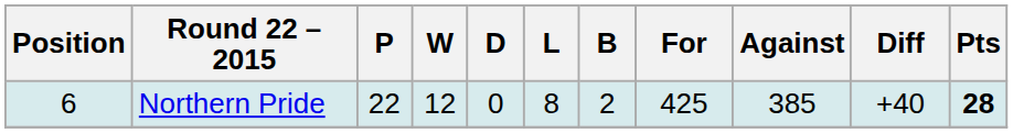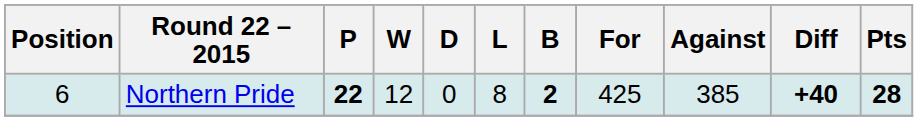 <table class="wikitable" style="text-align:center; font-size:85%;">
 <tr>
 <th width=40 abbr="Position">Position</th>
 <th width=100>Round 22 – 2015</th>
 <th width=20 abbr="Played">P</th>
 <th width=20 abbr="Won">W</th>
 <th width=20 abbr="Drawn">D</th>
 <th width=20 abbr="Lost">L</th>
 <th width=20 abbr="Bye">B</th>
 <th width=40 abbr="Points for">For</th>
 <th width=40 abbr="Points against">Against</th>
 <th width=40 abbr="Points difference">Diff</th>
 <th width=20 abbr="Points">Pts</th>
 </tr>
 <tr style="background: #d7ebed;">
 <td>6</td>
 <td style="text-align:left;"> <a href='#'>Northern Pride</a></td>
-<td>22</td>
+<td><strong>22</strong></td>
 <td>12</td>
 <td>0</td>
 <td>8</td>
-<td>2</td>
+<td><strong>2</strong></td>
 <td>425</td>
 <td>385</td>
-<td>+40</td>
+<td><strong>+40</strong></td>
 <td><strong>28</strong></td>
 </tr>
 <tr>
 </tr>
 </table>
